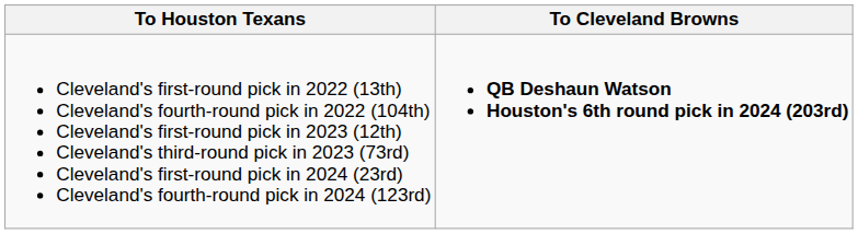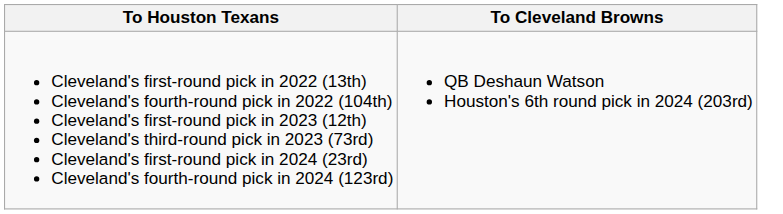 <table class="wikitable">
 <tr>
 <th>To Houston Texans</th>
 <th>To Cleveland Browns</th>
 </tr>
 <tr>
 <td valign="top"><br><ul><li>Cleveland's first-round pick in 2022 (13th)</li><li>Cleveland's fourth-round pick in 2022 (104th)</li><li>Cleveland's first-round pick in 2023 (12th)</li><li>Cleveland's third-round pick in 2023 (73rd)</li><li>Cleveland's first-round pick in 2024 (23rd)</li><li>Cleveland's fourth-round pick in 2024 (123rd)</li></ul></td>
-<td valign="top"><strong><br><ul><li>QB Deshaun Watson</li><li>Houston's 6th round pick in 2024 (203rd)</li></ul></strong></td>
+<td valign="top"><br><ul><li>QB Deshaun Watson</li><li>Houston's 6th round pick in 2024 (203rd)</li></ul></td>
 </tr>
 </table>
